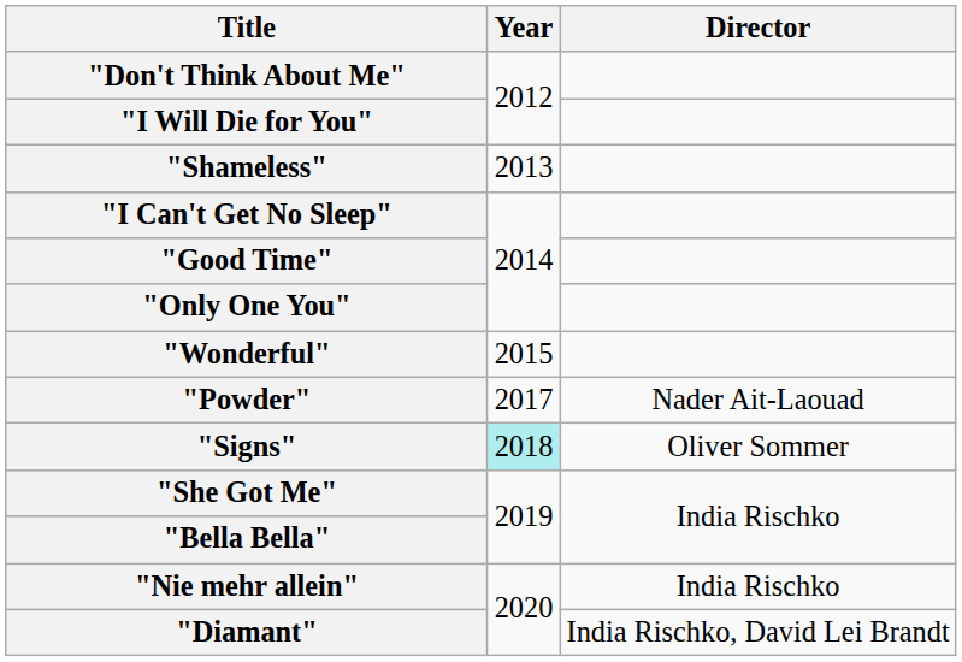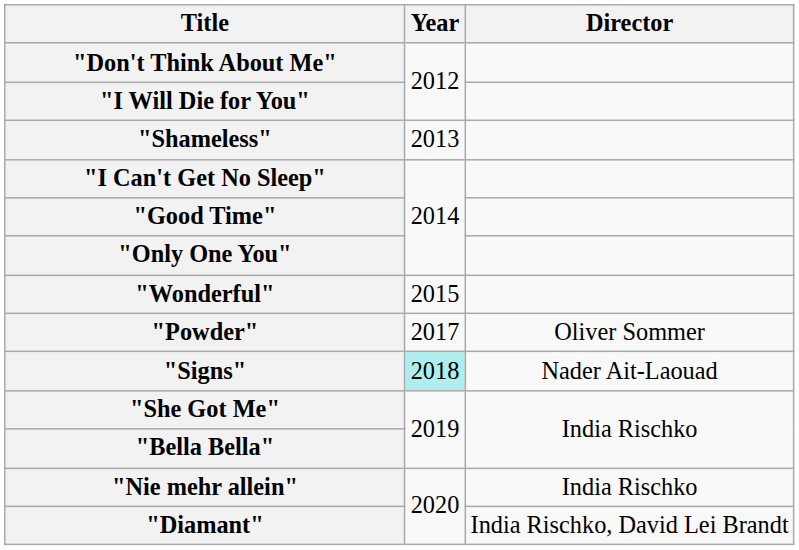 <table class="wikitable plainrowheaders" style="text-align:center;">
 <tr>
 <th scope="col" style="width:16em;">Title</th>
 <th scope="col" style="width:1em;">Year</th>
 <th scope="col">Director</th>
 </tr>
 <tr>
 <th scope="row">"Don't Think About Me"</th>
 <td rowspan="2">2012</td>
 <td></td>
 </tr>
 <tr>
 <th scope="row">"I Will Die for You"</th>
 <td></td>
 </tr>
 <tr>
 <th scope="row">"Shameless"</th>
 <td>2013</td>
 <td></td>
 </tr>
 <tr>
 <th scope="row">"I Can't Get No Sleep"</th>
 <td rowspan="3">2014</td>
 <td></td>
 </tr>
 <tr>
 <th scope="row">"Good Time"</th>
 <td></td>
 </tr>
 <tr>
 <th scope="row">"Only One You"</th>
 <td></td>
 </tr>
 <tr>
 <th scope="row">"Wonderful"</th>
 <td>2015</td>
 <td></td>
 </tr>
 <tr>
 <th scope="row">"Powder"</th>
 <td>2017</td>
-<td>Nader Ait-Laouad</td>
+<td>Oliver Sommer</td>
 </tr>
 <tr>
 <th scope="row">"Signs"</th>
 <td style="background: paleturquoise;">2018</td>
-<td>Oliver Sommer</td>
+<td>Nader Ait-Laouad</td>
 </tr>
 <tr>
 <th scope="row">"She Got Me"</th>
 <td rowspan="2">2019</td>
 <td rowspan="2">India Rischko</td>
 </tr>
 <tr>
 <th scope="row">"Bella Bella"</th>
 </tr>
 <tr>
 <th scope="row">"Nie mehr allein"</th>
 <td rowspan="2">2020</td>
 <td>India Rischko</td>
 </tr>
 <tr>
 <th scope="row">"Diamant"</th>
 <td>India Rischko, David Lei Brandt</td>
 </tr>
 </table>
